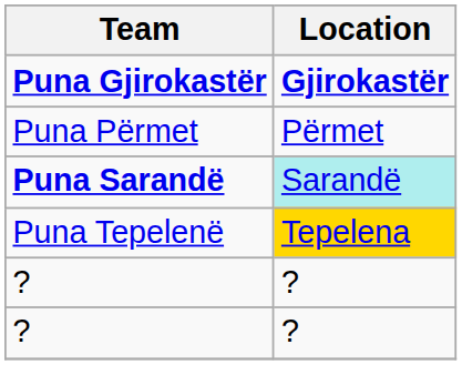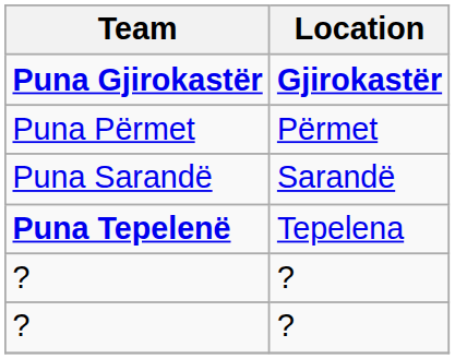 <table class="wikitable sortable">
 <tr>
 <th>Team</th>
 <th>Location</th>
 </tr>
 <tr>
 <td><strong><a href='#'>Puna Gjirokastër</a></strong></td>
 <td><strong><a href='#'>Gjirokastër</a></strong></td>
 </tr>
 <tr>
 <td><a href='#'>Puna Përmet</a></td>
 <td><a href='#'>Përmet</a></td>
 </tr>
 <tr>
-<td><strong><a href='#'>Puna Sarandë</a></strong></td>
-<td style="background: paleturquoise;"><a href='#'>Sarandë</a></td>
+<td><a href='#'>Puna Sarandë</a></td>
+<td><a href='#'>Sarandë</a></td>
 </tr>
 <tr>
-<td><a href='#'>Puna Tepelenë</a></td>
-<td style="background: gold;"><a href='#'>Tepelena</a></td>
+<td><strong><a href='#'>Puna Tepelenë</a></strong></td>
+<td><a href='#'>Tepelena</a></td>
 </tr>
 <tr>
 <td>?</td>
 <td>?</td>
 </tr>
 <tr>
 <td>?</td>
 <td>?</td>
 </tr>
 <tr>
 </tr>
 </table>
